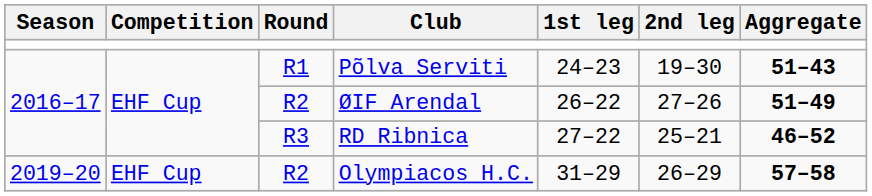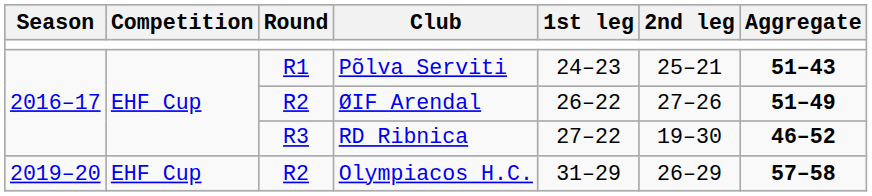 <table class="wikitable">
 <tr>
 <th>Season</th>
 <th>Competition</th>
 <th>Round</th>
 <th>Club</th>
 <th>1st leg</th>
 <th>2nd leg</th>
 <th>Aggregate</th>
 </tr>
 <tr>
 <td colspan="7" bgcolor=white></td>
 </tr>
 <tr>
 <td rowspan="3"><a href='#'>2016–17</a></td>
 <td rowspan="3"><a href='#'>EHF Cup</a></td>
 <td style="text-align:center;"><a href='#'>R1</a></td>
 <td> <a href='#'>Põlva Serviti</a></td>
 <td style="text-align:center;">24–23</td>
-<td style="text-align:center;">19–30</td>
+<td style="text-align:center;">25–21</td>
 <td style="text-align:center;"><strong>51–43</strong></td>
 </tr>
 <tr>
 <td style="text-align:center;"><a href='#'>R2</a></td>
 <td> <a href='#'>ØIF Arendal</a></td>
 <td style="text-align:center;">26–22</td>
 <td style="text-align:center;">27–26</td>
 <td style="text-align:center;"><strong>51–49</strong></td>
 </tr>
 <tr>
 <td style="text-align:center;"><a href='#'>R3</a></td>
 <td> <a href='#'>RD Ribnica</a></td>
 <td style="text-align:center;">27–22</td>
-<td style="text-align:center;">25–21</td>
+<td style="text-align:center;">19–30</td>
 <td style="text-align:center;"><strong>46–52</strong></td>
 </tr>
 <tr>
 <td rowspan="3"><a href='#'>2019–20</a></td>
 <td rowspan="3"><a href='#'>EHF Cup</a></td>
 <td style="text-align:center;"><a href='#'>R2</a></td>
 <td> <a href='#'>Olympiacos H.C.</a></td>
 <td style="text-align:center;">31–29</td>
 <td style="text-align:center;">26–29</td>
 <td style="text-align:center;"><strong>57–58</strong></td>
 </tr>
 </table>
